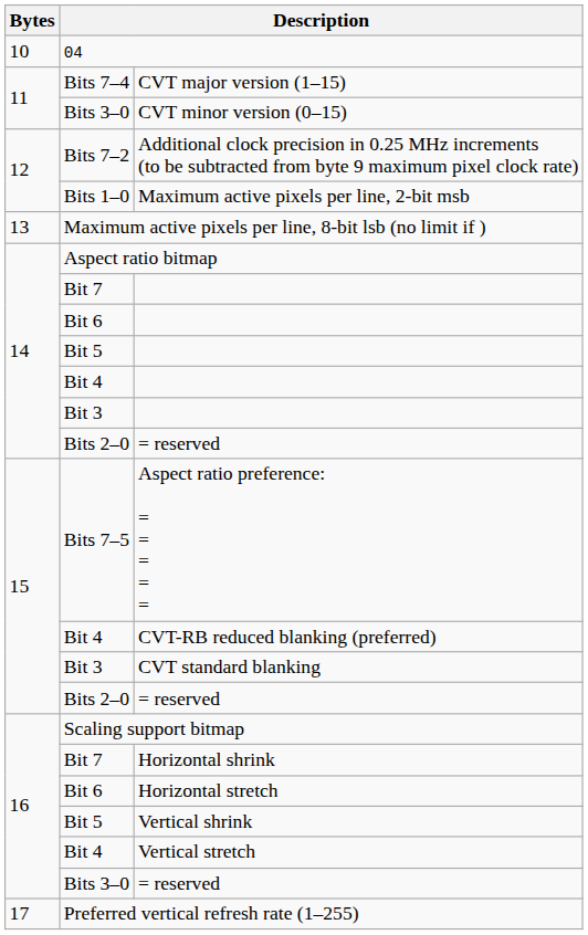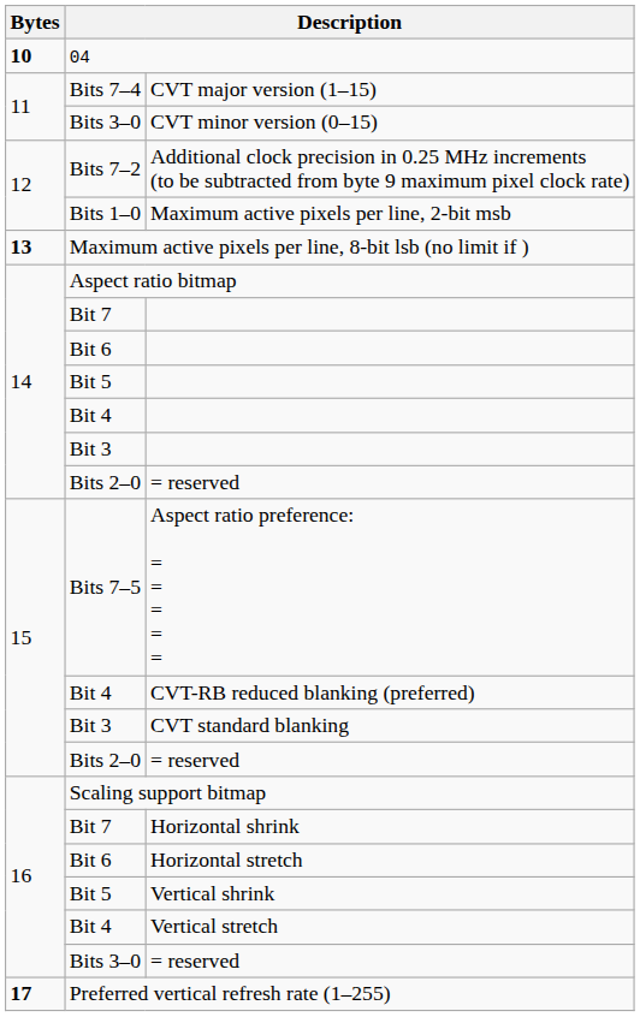 <table class=wikitable>
 <tr>
 <th>Bytes</th>
 <th colspan=2>Description</th>
 </tr>
 <tr>
-<td>10</td>
+<td><strong>10</strong></td>
 <td colspan=2><code>04</code></td>
 </tr>
 <tr>
 <td rowspan=2>11</td>
 <td>Bits 7–4</td>
 <td>CVT major version (1–15)</td>
 </tr>
 <tr>
 <td>Bits 3–0</td>
 <td>CVT minor version (0–15)</td>
 </tr>
 <tr>
 <td rowspan=2>12</td>
 <td>Bits 7–2</td>
 <td>Additional clock precision in 0.25 MHz increments<br> (to be subtracted from byte 9 maximum pixel clock rate)</td>
 </tr>
 <tr>
 <td>Bits 1–0</td>
 <td>Maximum active pixels per line, 2-bit msb</td>
 </tr>
 <tr>
-<td>13</td>
+<td><strong>13</strong></td>
 <td colspan=2>Maximum active pixels per line, 8-bit lsb (no limit if )</td>
 </tr>
 <tr>
 <td rowspan=7>14</td>
 <td colspan=2>Aspect ratio bitmap</td>
 </tr>
 <tr>
 <td>Bit 7</td>
 <td></td>
 </tr>
 <tr>
 <td>Bit 6</td>
 <td></td>
 </tr>
 <tr>
 <td>Bit 5</td>
 <td></td>
 </tr>
 <tr>
 <td>Bit 4</td>
 <td></td>
 </tr>
 <tr>
 <td>Bit 3</td>
 <td></td>
 </tr>
 <tr>
 <td>Bits 2–0</td>
 <td> = reserved</td>
 </tr>
 <tr>
 <td rowspan=4>15</td>
 <td>Bits 7–5</td>
 <td>Aspect ratio preference:<br><br> = <br>  = <br>  = <br>  = <br>  = </td>
 </tr>
 <tr>
 <td>Bit 4</td>
 <td>CVT-RB reduced blanking (preferred)</td>
 </tr>
 <tr>
 <td>Bit 3</td>
 <td>CVT standard blanking</td>
 </tr>
 <tr>
 <td>Bits 2–0</td>
 <td> = reserved</td>
 </tr>
 <tr>
 <td rowspan=6>16</td>
 <td colspan=2>Scaling support bitmap</td>
 </tr>
 <tr>
 <td>Bit 7</td>
 <td>Horizontal shrink</td>
 </tr>
 <tr>
 <td>Bit 6</td>
 <td>Horizontal stretch</td>
 </tr>
 <tr>
 <td>Bit 5</td>
 <td>Vertical shrink</td>
 </tr>
 <tr>
 <td>Bit 4</td>
 <td>Vertical stretch</td>
 </tr>
 <tr>
 <td>Bits 3–0</td>
 <td> = reserved</td>
 </tr>
 <tr>
-<td>17</td>
+<td><strong>17</strong></td>
 <td colspan=2>Preferred vertical refresh rate (1–255)</td>
 </tr>
 </table>
